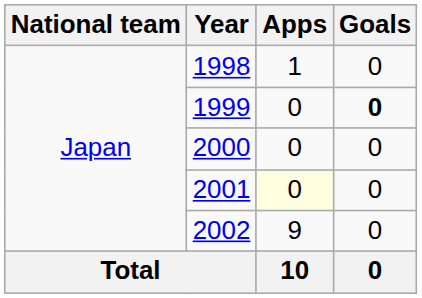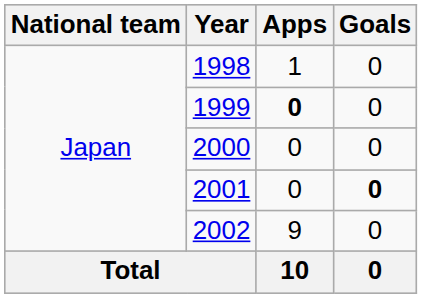 <table class="wikitable" style="text-align:center">
 <tr>
 <th>National team</th>
 <th>Year</th>
 <th>Apps</th>
 <th>Goals</th>
 </tr>
 <tr>
 <td rowspan="5"><a href='#'>Japan</a></td>
 <td><a href='#'>1998</a></td>
 <td>1</td>
 <td>0</td>
 </tr>
 <tr>
 <td><a href='#'>1999</a></td>
+<td><strong>0</strong></td>
 <td>0</td>
-<td><strong>0</strong></td>
 </tr>
 <tr>
 <td><a href='#'>2000</a></td>
 <td>0</td>
 <td>0</td>
 </tr>
 <tr>
 <td><a href='#'>2001</a></td>
-<td style="background: lightyellow;">0</td>
 <td>0</td>
+<td><strong>0</strong></td>
 </tr>
 <tr>
 <td><a href='#'>2002</a></td>
 <td>9</td>
 <td>0</td>
 </tr>
 <tr>
 <th colspan="2">Total</th>
 <th>10</th>
 <th>0</th>
 </tr>
 </table>
